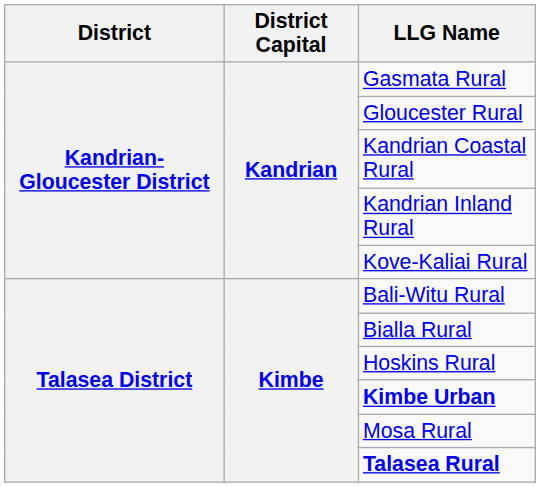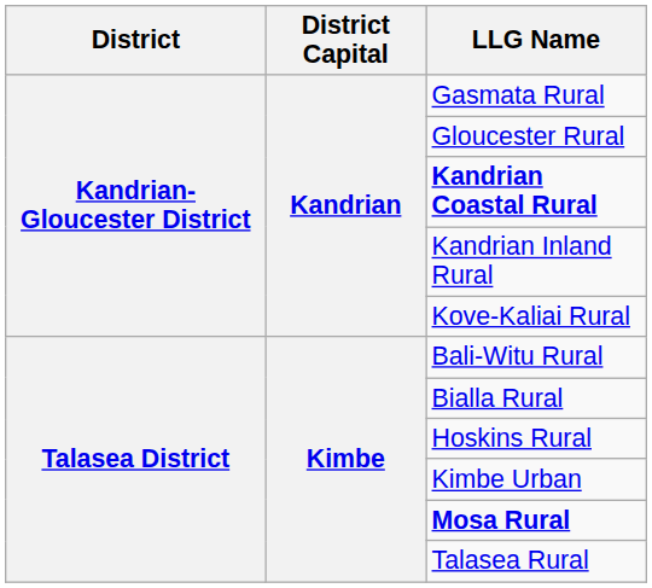 <table class="wikitable" style="text-align: left;" width="400">
 <tr>
 <th>District</th>
 <th>District Capital</th>
 <th>LLG Name</th>
 </tr>
 <tr>
 <th rowspan="5"><a href='#'>Kandrian-Gloucester District</a></th>
 <th rowspan="5"><a href='#'>Kandrian</a></th>
 <td><a href='#'>Gasmata Rural</a></td>
 </tr>
 <tr>
 <td><a href='#'>Gloucester Rural</a></td>
 </tr>
 <tr>
-<td><a href='#'>Kandrian Coastal Rural</a></td>
+<td><strong><a href='#'>Kandrian Coastal Rural</a></strong></td>
 </tr>
 <tr>
 <td><a href='#'>Kandrian Inland Rural</a></td>
 </tr>
 <tr>
 <td><a href='#'>Kove-Kaliai Rural</a></td>
 </tr>
 <tr>
 <th rowspan="6"><a href='#'>Talasea District</a></th>
 <th rowspan="6"><a href='#'>Kimbe</a></th>
 <td><a href='#'>Bali-Witu Rural</a></td>
 </tr>
 <tr>
 <td><a href='#'>Bialla Rural</a></td>
 </tr>
 <tr>
 <td><a href='#'>Hoskins Rural</a></td>
 </tr>
 <tr>
-<td><strong><a href='#'>Kimbe Urban</a></strong></td>
+<td><a href='#'>Kimbe Urban</a></td>
 </tr>
 <tr>
-<td><a href='#'>Mosa Rural</a></td>
+<td><strong><a href='#'>Mosa Rural</a></strong></td>
 </tr>
 <tr>
-<td><strong><a href='#'>Talasea Rural</a></strong></td>
+<td><a href='#'>Talasea Rural</a></td>
 </tr>
 </table>
